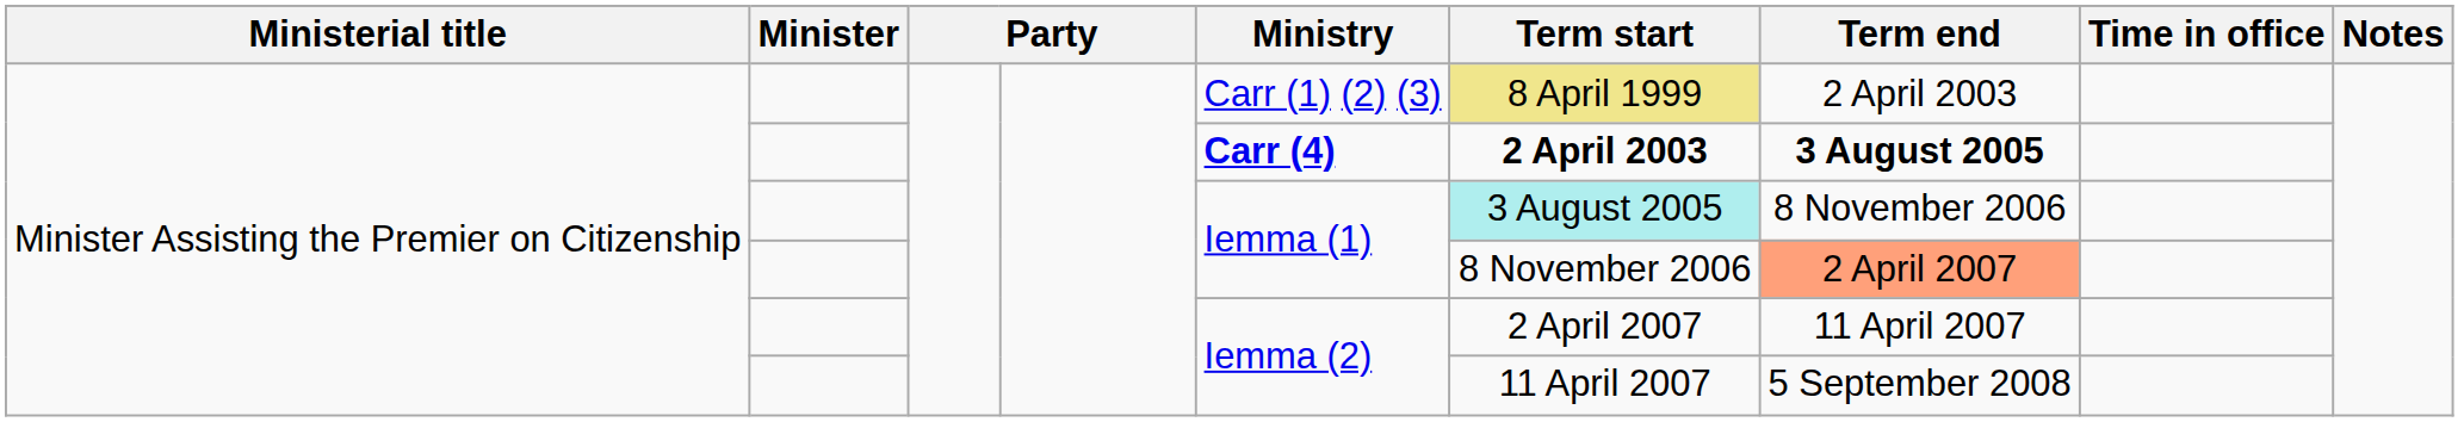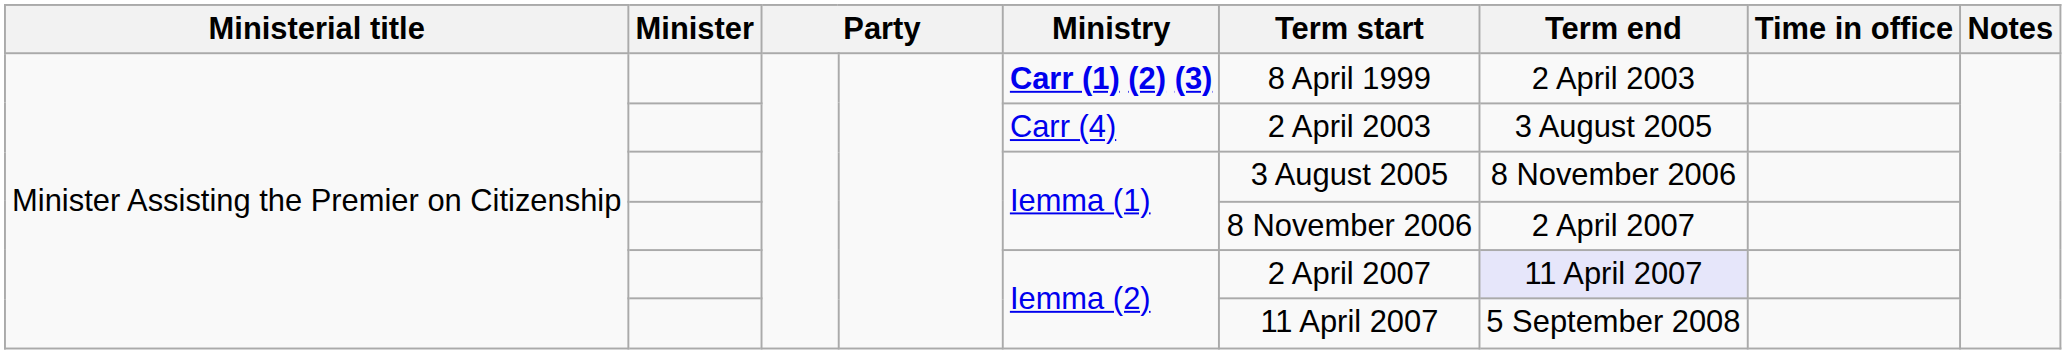 <table class="wikitable sortable">
 <tr>
 <th>Ministerial title</th>
 <th>Minister</th>
 <th colspan=2>Party</th>
 <th>Ministry</th>
 <th>Term start</th>
 <th>Term end</th>
 <th>Time in office</th>
 <th class="unsortable">Notes</th>
 </tr>
 <tr>
 <td rowspan=6>Minister Assisting the Premier on Citizenship</td>
 <td></td>
 <td rowspan=6 > </td>
 <td rowspan=6 width=8%></td>
-<td><a href='#'>Carr (1)</a> <a href='#'>(2)</a> <a href='#'>(3)</a></td>
-<td align=center style="background: khaki;">8 April 1999</td>
+<td><strong><a href='#'>Carr (1)</a> <a href='#'>(2)</a> <a href='#'>(3)</a></strong></td>
+<td align=center>8 April 1999</td>
 <td align=center>2 April 2003</td>
 <td align=right><strong></strong></td>
 </tr>
 <tr>
 <td></td>
-<td><strong><a href='#'>Carr (4)</a></strong></td>
-<td align=center><strong>2 April 2003</strong></td>
-<td align=center><strong>3 August 2005</strong></td>
+<td><a href='#'>Carr (4)</a></td>
+<td align=center>2 April 2003</td>
+<td align=center>3 August 2005</td>
 <td align=right></td>
 </tr>
 <tr>
 <td></td>
 <td rowspan=2><a href='#'>Iemma (1)</a></td>
-<td align=center style="background: paleturquoise;">3 August 2005</td>
+<td align=center>3 August 2005</td>
 <td align=center>8 November 2006</td>
 <td align=right></td>
 </tr>
 <tr>
 <td></td>
 <td align=center>8 November 2006</td>
-<td align=center style="background: lightsalmon;">2 April 2007</td>
+<td align=center>2 April 2007</td>
 <td align=right></td>
 </tr>
 <tr>
 <td></td>
 <td rowspan=2><a href='#'>Iemma (2)</a></td>
 <td align=center>2 April 2007</td>
-<td align=center>11 April 2007</td>
+<td align=center style="background: lavender;">11 April 2007</td>
 <td align=right></td>
 </tr>
 <tr>
 <td></td>
 <td align=center>11 April 2007</td>
 <td align=center>5 September 2008</td>
 <td align=right></td>
 </tr>
 </table>
